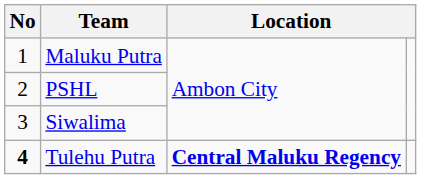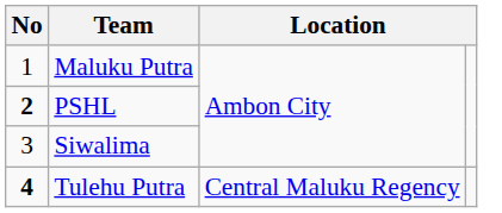 <table class="wikitable sortable" style="font-size:100%;">
 <tr>
 <th>No</th>
 <th>Team</th>
 <th colspan="2">Location</th>
 </tr>
 <tr>
 <td align="center">1</td>
 <td><a href='#'>Maluku Putra</a></td>
 <td rowspan="3"><a href='#'>Ambon City</a></td>
 <td rowspan="3"></td>
 </tr>
 <tr>
-<td align="center">2</td>
+<td align="center"><strong>2</strong></td>
 <td><a href='#'>PSHL</a></td>
 </tr>
 <tr>
 <td align="center">3</td>
 <td><a href='#'>Siwalima</a></td>
 </tr>
 <tr>
 <td align="center"><strong>4</strong></td>
 <td><a href='#'>Tulehu Putra</a></td>
-<td><strong><a href='#'>Central Maluku Regency</a></strong></td>
+<td><a href='#'>Central Maluku Regency</a></td>
 <td></td>
 </tr>
 </table>
